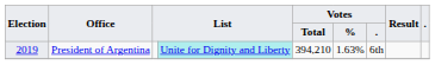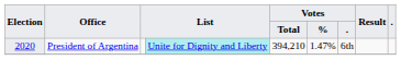 <table class="wikitable" style="font-size:90%; text-align:center;">
 <tr>
 <th style="background-color:#EAECF0;" rowspan=2>Election</th>
 <th style="background-color:#EAECF0;" rowspan=2>Office</th>
 <th style="background-color:#EAECF0;" colspan=2 rowspan=2>List</th>
 <th style="background-color:#EAECF0;" colspan=3>Votes</th>
 <th style="background-color:#EAECF0;" rowspan=2>Result</th>
 <th style="background-color:#EAECF0;" rowspan=2>.</th>
 </tr>
 <tr>
 <th style="background-color:#EAECF0;">Total</th>
 <th style="background-color:#EAECF0;">%</th>
 <th style="background-color:#EAECF0;">.</th>
 </tr>
 <tr>
-<td style="background-color:#EAECF0;"><a href='#'>2019</a></td>
+<td style="background-color:#EAECF0;"><a href='#'>2020</a></td>
 <td><a href='#'>President of Argentina</a></td>
 <td style="background-color:"></td>
 <td style="background: paleturquoise;"><a href='#'>Unite for Dignity and Liberty</a></td>
 <td>394,210</td>
-<td>1.63%</td>
+<td>1.47%</td>
 <td>6th</td>
 <td></td>
 <td></td>
 </tr>
 <tr>
 </tr>
 </table>
